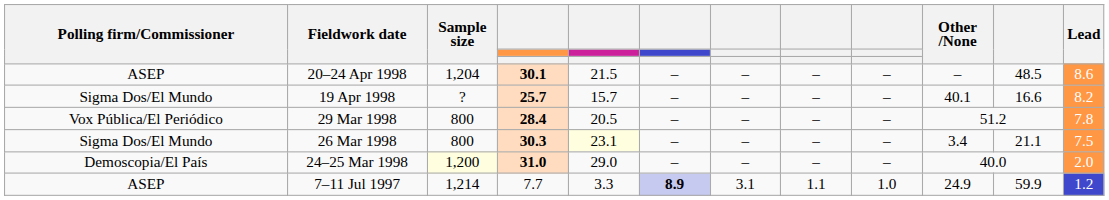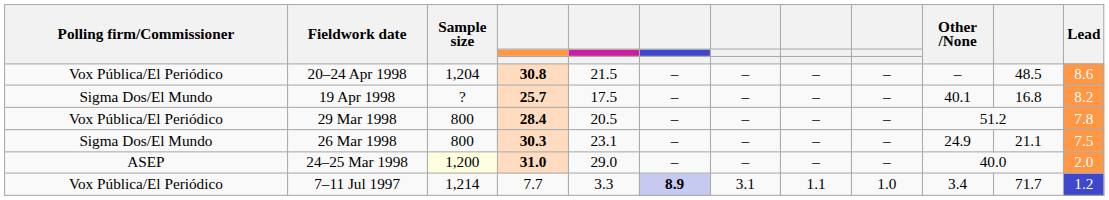 <table class="wikitable collapsible collapsed" style="text-align:center; font-size:90%; line-height:14px;">
 <tr style="height:42px;">
 <th style="width:260px;" rowspan="3">Polling firm/Commissioner</th>
 <th style="width:125px;" rowspan="3">Fieldwork date</th>
 <th style="width:60px;" rowspan="3">Sample size</th>
 <th style="width:60px;"></th>
 <th style="width:60px;"></th>
 <th style="width:60px;"></th>
 <th style="width:60px;"></th>
 <th style="width:60px;"></th>
 <th style="width:60px;"></th>
 <th style="width:60px;" rowspan="3">Other<br>/None</th>
 <th style="width:60px;" rowspan="3"></th>
 <th style="width:30px;" rowspan="3">Lead</th>
 </tr>
 <tr>
 <th style="color:inherit;background:#FF9744;"></th>
 <th style="color:inherit;background:#CB1F9B;"></th>
 <th style="color:inherit;background:#3F48CC;"></th>
 <th style="color:inherit;background:"></th>
 <th style="color:inherit;background:"></th>
 <th style="color:inherit;background:"></th>
 </tr>
 <tr>
 <th></th>
 <th></th>
 <th></th>
 <th></th>
 <th></th>
 <th></th>
 </tr>
 <tr>
-<td>ASEP</td>
+<td>Vox Pública/El Periódico</td>
 <td>20–24 Apr 1998</td>
 <td>1,204</td>
-<td style="color:inherit;background:#FFDCBF;"><strong>30.1</strong></td>
+<td style="color:inherit;background:#FFDCBF;"><strong>30.8</strong></td>
 <td>21.5</td>
 <td>–</td>
 <td>–</td>
 <td>–</td>
 <td>–</td>
 <td>–</td>
 <td>48.5</td>
 <td style="color:inherit;background:#FF9744; color:white;">8.6</td>
 </tr>
 <tr>
 <td>Sigma Dos/El Mundo</td>
 <td>19 Apr 1998</td>
 <td>?</td>
 <td style="color:inherit;background:#FFDCBF;"><strong>25.7</strong></td>
-<td>15.7</td>
+<td>17.5</td>
 <td>–</td>
 <td>–</td>
 <td>–</td>
 <td>–</td>
 <td>40.1</td>
-<td>16.6</td>
+<td>16.8</td>
 <td style="color:inherit;background:#FF9744; color:white;">8.2</td>
 </tr>
 <tr>
 <td>Vox Pública/El Periódico</td>
 <td>29 Mar 1998</td>
 <td>800</td>
 <td style="color:inherit;background:#FFDCBF;"><strong>28.4</strong></td>
 <td>20.5</td>
 <td>–</td>
 <td>–</td>
 <td>–</td>
 <td>–</td>
 <td colspan="2">51.2</td>
 <td style="color:inherit;background:#FF9744; color:white;">7.8</td>
 </tr>
 <tr>
 <td>Sigma Dos/El Mundo</td>
 <td>26 Mar 1998</td>
 <td>800</td>
 <td style="color:inherit;background:#FFDCBF;"><strong>30.3</strong></td>
-<td style="background: lightyellow;">23.1</td>
+<td>23.1</td>
 <td>–</td>
 <td>–</td>
 <td>–</td>
 <td>–</td>
-<td>3.4</td>
+<td>24.9</td>
 <td>21.1</td>
 <td style="color:inherit;background:#FF9744; color:white;">7.5</td>
 </tr>
 <tr>
-<td>Demoscopia/El País</td>
+<td>ASEP</td>
 <td>24–25 Mar 1998</td>
 <td style="background: lightyellow;">1,200</td>
 <td style="color:inherit;background:#FFDCBF;"><strong>31.0</strong></td>
 <td>29.0</td>
 <td>–</td>
 <td>–</td>
 <td>–</td>
 <td>–</td>
 <td colspan="2">40.0</td>
 <td style="color:inherit;background:#FF9744; color:white;">2.0</td>
 </tr>
 <tr>
-<td>ASEP</td>
+<td>Vox Pública/El Periódico</td>
 <td>7–11 Jul 1997</td>
 <td>1,214</td>
 <td>7.7</td>
 <td>3.3</td>
 <td style="color:inherit;background:#C6C9F0;"><strong>8.9</strong></td>
 <td>3.1</td>
 <td>1.1</td>
 <td>1.0</td>
-<td>24.9</td>
-<td>59.9</td>
+<td>3.4</td>
+<td>71.7</td>
 <td style="color:inherit;background:#3F48CC; color:white;">1.2</td>
 </tr>
 </table>
